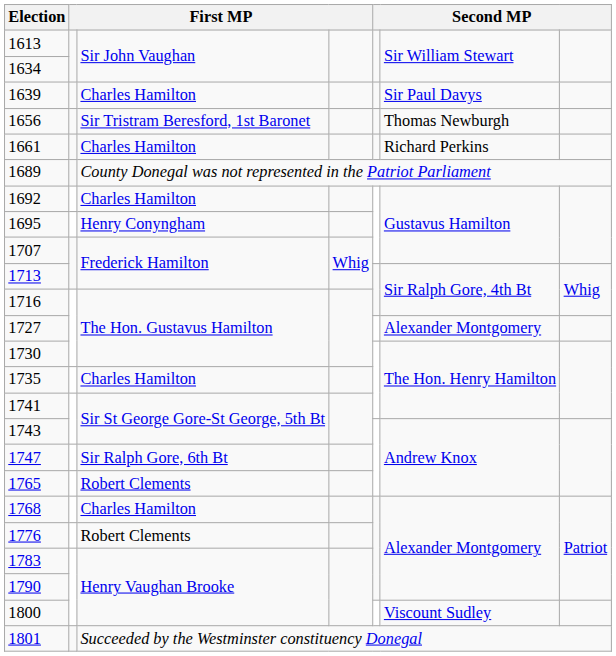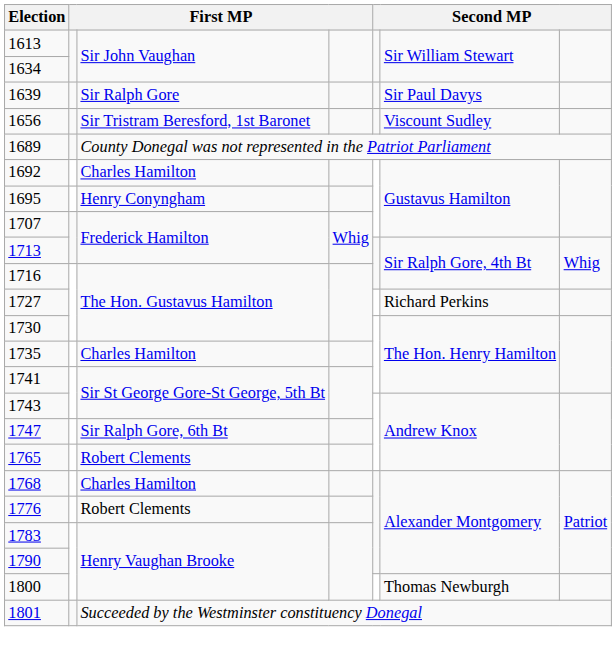 <table class="wikitable">
 <tr>
 <th>Election</th>
 <th colspan=3>First MP</th>
 <th colspan=3>Second MP</th>
 </tr>
 <tr>
 <td>1613</td>
 <td rowspan=2></td>
 <td rowspan=2><a href='#'>Sir John Vaughan</a></td>
 <td rowspan=2></td>
 <td rowspan=2></td>
 <td rowspan=2><a href='#'>Sir William Stewart</a></td>
 <td rowspan=2></td>
 </tr>
 <tr>
 <td>1634</td>
 </tr>
 <tr>
 <td>1639</td>
 <td></td>
-<td><a href='#'>Charles Hamilton</a></td>
+<td><a href='#'>Sir Ralph Gore</a></td>
 <td></td>
 <td></td>
 <td><a href='#'>Sir Paul Davys</a></td>
 <td></td>
 </tr>
 <tr>
 <td>1656</td>
 <td></td>
 <td><a href='#'>Sir Tristram Beresford, 1st Baronet</a></td>
 <td></td>
 <td></td>
-<td>Thomas Newburgh</td>
-<td></td>
-</tr>
-<tr>
-<td>1661</td>
-<td></td>
-<td><a href='#'>Charles Hamilton</a></td>
-<td></td>
-<td></td>
-<td>Richard Perkins</td>
+<td><a href='#'>Viscount Sudley</a></td>
 <td></td>
 </tr>
 <tr>
 <td>1689</td>
 <td></td>
 <td colspan="5"><em>County Donegal was not represented in the <a href='#'>Patriot Parliament</a></em></td>
 </tr>
 <tr>
 <td>1692</td>
 <td style="background-color: white"></td>
 <td><a href='#'>Charles Hamilton</a></td>
 <td></td>
 <td rowspan="3" style="background-color: white"></td>
 <td rowspan="3"><a href='#'>Gustavus Hamilton</a></td>
 <td rowspan="3"></td>
 </tr>
 <tr>
 <td>1695</td>
 <td style="background-color: white"></td>
 <td><a href='#'>Henry Conyngham</a></td>
 <td></td>
 </tr>
 <tr>
 <td>1707</td>
 <td rowspan="2" style="background-color: "></td>
 <td rowspan="2"><a href='#'>Frederick Hamilton</a></td>
 <td rowspan="2"><a href='#'>Whig</a></td>
 </tr>
 <tr>
 <td><a href='#'>1713</a></td>
 <td rowspan="2" style="background-color: "></td>
 <td rowspan="2"><a href='#'>Sir Ralph Gore, 4th Bt</a></td>
 <td rowspan="2"><a href='#'>Whig</a></td>
 </tr>
 <tr>
 <td>1716</td>
 <td rowspan="3" style="background-color: white"></td>
 <td rowspan="3"><a href='#'>The Hon. Gustavus Hamilton</a></td>
 <td rowspan="3"></td>
 </tr>
 <tr>
 <td>1727</td>
 <td style="background-color: white"></td>
-<td><a href='#'>Alexander Montgomery</a></td>
+<td>Richard Perkins</td>
 <td></td>
 </tr>
 <tr>
 <td>1730</td>
 <td rowspan="3" style="background-color: white"></td>
 <td rowspan="3"><a href='#'>The Hon. Henry Hamilton</a></td>
 <td rowspan="3"></td>
 </tr>
 <tr>
 <td>1735</td>
 <td style="background-color: white"></td>
 <td><a href='#'>Charles Hamilton</a></td>
 <td></td>
 </tr>
 <tr>
 <td>1741</td>
 <td rowspan="2" style="background-color: white"></td>
 <td rowspan="2"><a href='#'>Sir St George Gore-St George, 5th Bt</a></td>
 <td rowspan="2"></td>
 </tr>
 <tr>
 <td>1743</td>
 <td rowspan="3" style="background-color: white"></td>
 <td rowspan="3"><a href='#'>Andrew Knox</a></td>
 <td rowspan="3"></td>
 </tr>
 <tr>
 <td><a href='#'>1747</a></td>
 <td style="background-color: white"></td>
 <td><a href='#'>Sir Ralph Gore, 6th Bt</a></td>
 <td></td>
 </tr>
 <tr>
 <td><a href='#'>1765</a></td>
 <td style="background-color: white"></td>
 <td><a href='#'>Robert Clements</a></td>
 <td></td>
 </tr>
 <tr>
 <td><a href='#'>1768</a></td>
 <td style="background-color: white"></td>
 <td><a href='#'>Charles Hamilton</a></td>
 <td></td>
 <td rowspan="4" style="background-color: "></td>
 <td rowspan="4"><a href='#'>Alexander Montgomery</a></td>
 <td rowspan="4"><a href='#'>Patriot</a></td>
 </tr>
 <tr>
 <td><a href='#'>1776</a></td>
 <td style="background-color: white"></td>
 <td>Robert Clements</td>
 <td></td>
 </tr>
 <tr>
 <td><a href='#'>1783</a></td>
 <td rowspan="3" style="background-color: white"></td>
 <td rowspan="3"><a href='#'>Henry Vaughan Brooke</a></td>
 <td rowspan="3"></td>
 </tr>
 <tr>
 <td><a href='#'>1790</a></td>
 </tr>
 <tr>
 <td>1800</td>
 <td style="background-color: white"></td>
-<td><a href='#'>Viscount Sudley</a></td>
+<td>Thomas Newburgh</td>
 <td></td>
 </tr>
 <tr>
 <td><a href='#'>1801</a></td>
 <td></td>
 <td colspan="5"><em>Succeeded by the Westminster constituency <a href='#'>Donegal</a></em></td>
 </tr>
 </table>
